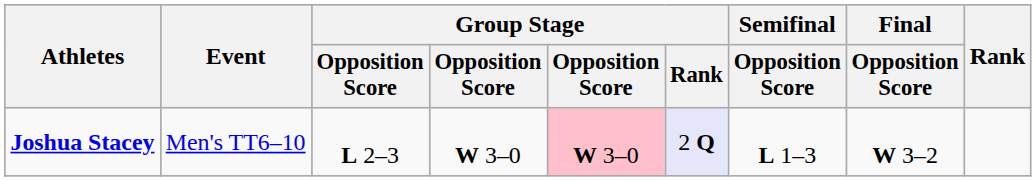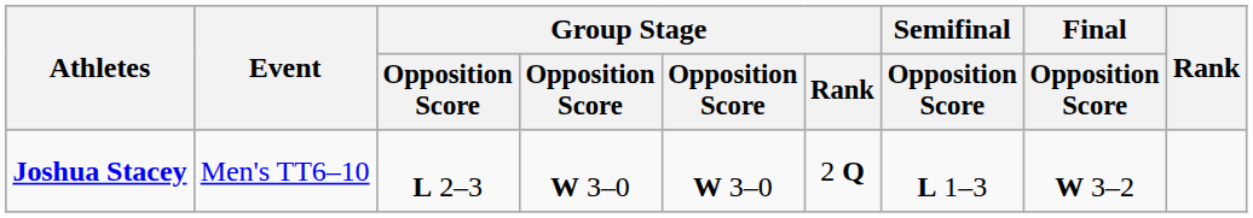 <table class="wikitable" style="font-size:90%">
 <tr>
 <th rowspan=2>Athletes</th>
 <th rowspan=2>Event</th>
 <th colspan=4>Group Stage</th>
 <th>Semifinal</th>
 <th>Final</th>
 <th rowspan=2>Rank</th>
 </tr>
 <tr style="font-size:95%">
 <th>Opposition<br>Score</th>
 <th>Opposition<br>Score</th>
 <th>Opposition<br>Score</th>
 <th>Rank</th>
 <th>Opposition<br>Score</th>
 <th>Opposition<br>Score</th>
 </tr>
 <tr align=center>
 <td align=left><strong><a href='#'>Joshua Stacey</a></strong></td>
 <td align=left><a href='#'>Men's TT6–10</a></td>
 <td><br><strong>L</strong> 2–3</td>
 <td><br><strong>W</strong> 3–0</td>
-<td style="background: pink;"><br><strong>W</strong> 3–0</td>
-<td style="background: lavender;">2 <strong>Q</strong></td>
+<td><br><strong>W</strong> 3–0</td>
+<td>2 <strong>Q</strong></td>
 <td><br><strong>L</strong> 1–3</td>
 <td><br><strong>W</strong> 3–2</td>
 <td></td>
 </tr>
 </table>
